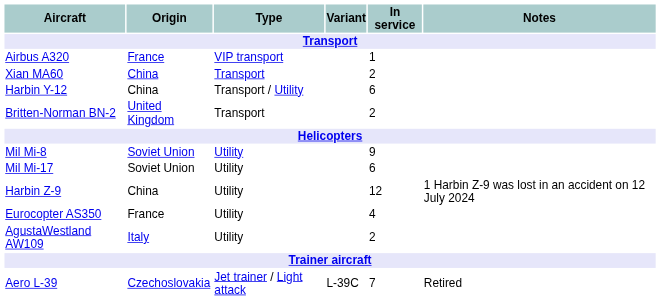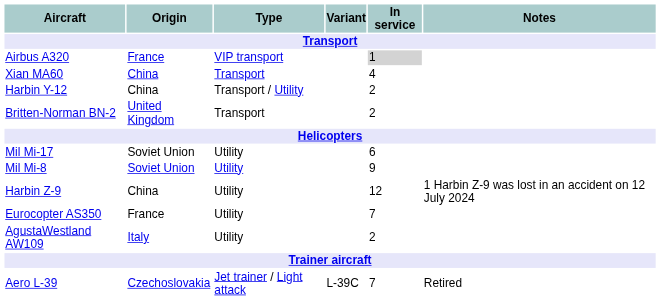 <table class="wiki table">
 <tr>
 <th style="text-align:center; background:#acc;">Aircraft</th>
 <th style="text-align: center; background:#acc;">Origin</th>
 <th style="text-align: center; background:#acc;">Type</th>
 <th style="text-align:left; background:#acc;">Variant</th>
 <th style="text-align:center; background:#acc;">In service</th>
 <th style="text-align: center; background:#acc;">Notes</th>
 </tr>
 <tr>
 <th style="align: center; background: lavender;" colspan="6"><a href='#'>Transport</a></th>
 </tr>
 <tr>
 <td><a href='#'>Airbus A320</a></td>
 <td><a href='#'>France</a></td>
 <td><a href='#'>VIP transport</a></td>
 <td></td>
-<td>1</td>
+<td style="background: lightgrey;">1</td>
 <td></td>
 </tr>
 <tr>
 <td><a href='#'>Xian MA60</a></td>
 <td><a href='#'>China</a></td>
 <td><a href='#'>Transport</a></td>
 <td></td>
-<td>2</td>
+<td>4</td>
 <td></td>
 </tr>
 <tr>
 <td><a href='#'>Harbin Y-12</a></td>
 <td>China</td>
 <td>Transport / <a href='#'>Utility</a></td>
 <td></td>
-<td>6</td>
+<td>2</td>
 <td></td>
 </tr>
 <tr>
 <td><a href='#'>Britten-Norman BN-2</a></td>
 <td><a href='#'>United Kingdom</a></td>
 <td>Transport</td>
 <td></td>
 <td>2</td>
 <td></td>
 </tr>
 <tr>
 <th style="align: center; background: lavender;" colspan="6"><a href='#'>Helicopters</a></th>
 </tr>
 <tr>
+<td><a href='#'>Mil Mi-17</a></td>
+<td>Soviet Union</td>
+<td>Utility</td>
+<td></td>
+<td>6</td>
+<td></td>
+</tr>
+<tr>
 <td><a href='#'>Mil Mi-8</a></td>
 <td><a href='#'>Soviet Union</a></td>
 <td><a href='#'>Utility</a></td>
 <td></td>
 <td>9</td>
-<td></td>
-</tr>
-<tr>
-<td><a href='#'>Mil Mi-17</a></td>
-<td>Soviet Union</td>
-<td>Utility</td>
-<td></td>
-<td>6</td>
 <td></td>
 </tr>
 <tr>
 <td><a href='#'>Harbin Z-9</a></td>
 <td>China</td>
 <td>Utility</td>
 <td></td>
 <td>12</td>
 <td>1 Harbin Z-9 was lost in an accident on 12 July 2024</td>
 </tr>
 <tr>
 <td><a href='#'>Eurocopter AS350</a></td>
 <td>France</td>
 <td>Utility</td>
 <td></td>
-<td>4</td>
+<td>7</td>
 <td></td>
 </tr>
 <tr>
 <td><a href='#'>AgustaWestland AW109</a></td>
 <td><a href='#'>Italy</a></td>
 <td>Utility</td>
 <td></td>
 <td>2</td>
 <td></td>
 </tr>
 <tr>
 <th style="align: center; background: lavender;" colspan="6"><a href='#'>Trainer aircraft</a></th>
 </tr>
 <tr>
 <td><a href='#'>Aero L-39</a></td>
 <td><a href='#'>Czechoslovakia</a></td>
 <td><a href='#'>Jet trainer</a> / <a href='#'>Light attack</a></td>
 <td>L-39C</td>
 <td>7</td>
 <td>Retired</td>
 </tr>
 </table>
